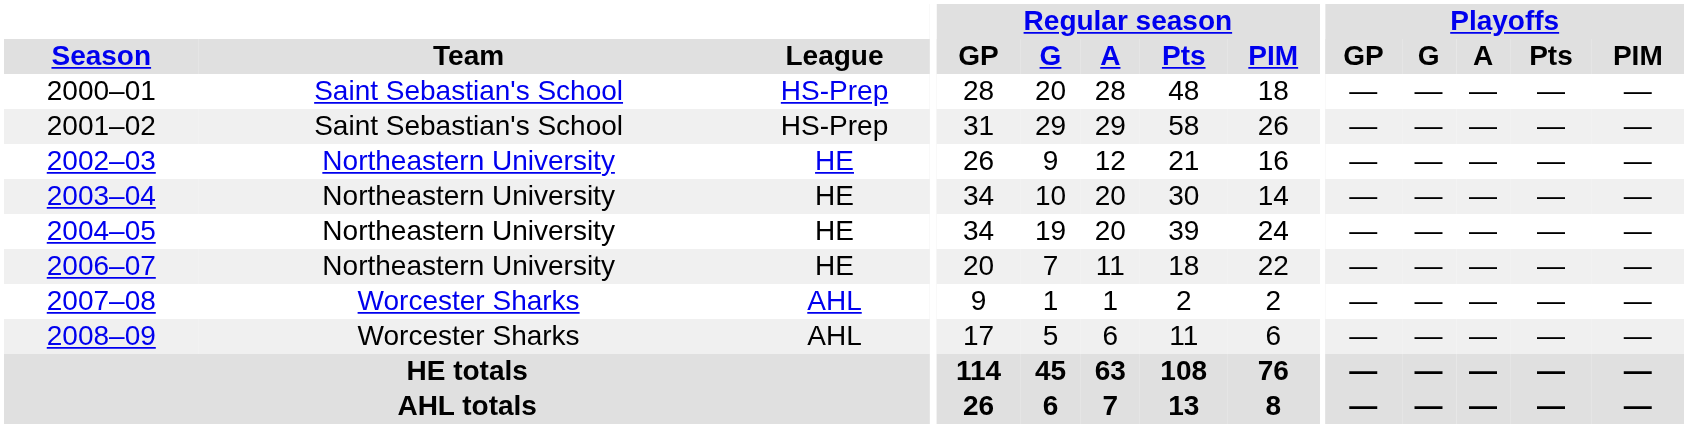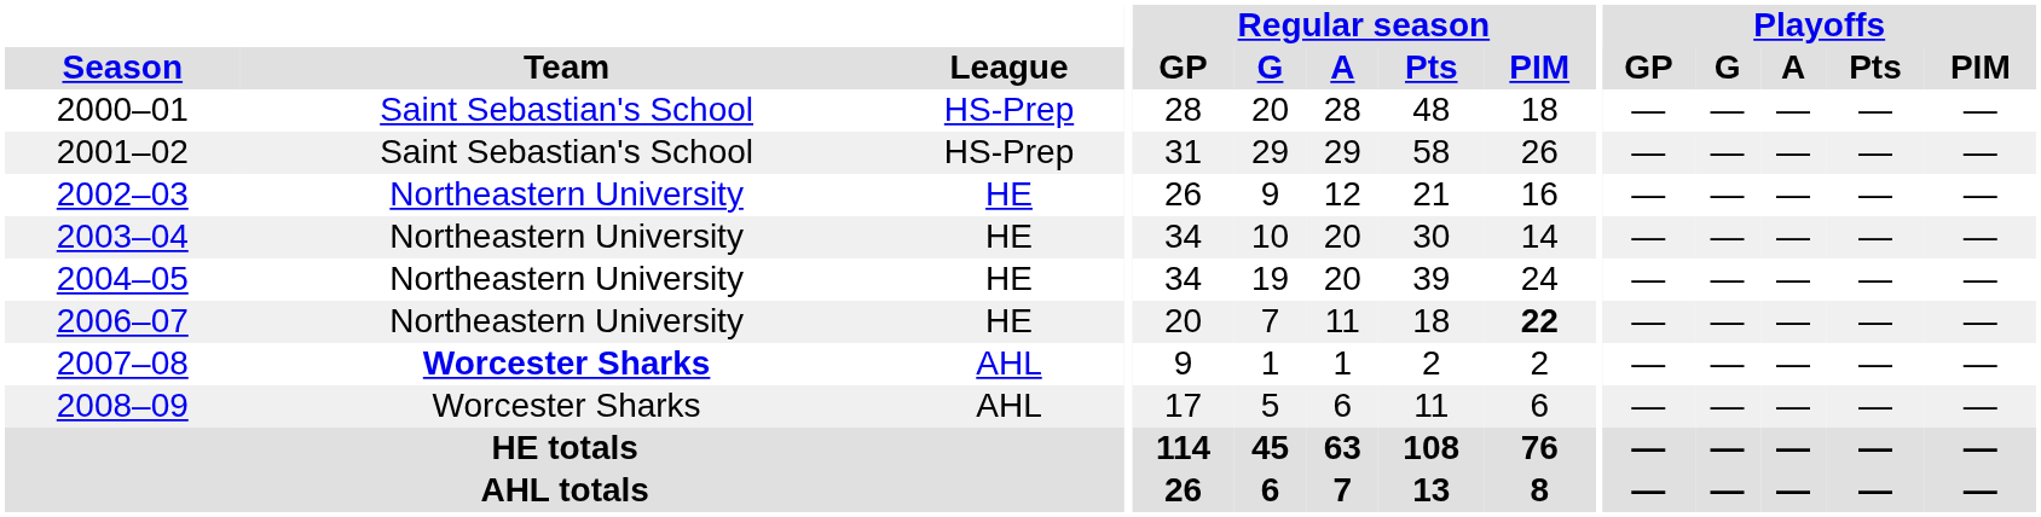 <table border="0" cellpadding="1" cellspacing="0" style="text-align:center; width:60em">
 <tr bgcolor="#e0e0e0">
 <th colspan="3" bgcolor="#ffffff"></th>
 <th rowspan="99" bgcolor="#ffffff"></th>
 <th colspan="5"><a href='#'>Regular season</a></th>
 <th rowspan="99" bgcolor="#ffffff"></th>
 <th colspan="5"><a href='#'>Playoffs</a></th>
 </tr>
 <tr bgcolor="#e0e0e0">
 <th><a href='#'>Season</a></th>
 <th>Team</th>
 <th>League</th>
 <th>GP</th>
 <th><a href='#'>G</a></th>
 <th><a href='#'>A</a></th>
 <th><a href='#'>Pts</a></th>
 <th><a href='#'>PIM</a></th>
 <th>GP</th>
 <th>G</th>
 <th>A</th>
 <th>Pts</th>
 <th>PIM</th>
 </tr>
 <tr>
 <td>2000–01</td>
 <td><a href='#'>Saint Sebastian's School</a></td>
 <td><a href='#'>HS-Prep</a></td>
 <td>28</td>
 <td>20</td>
 <td>28</td>
 <td>48</td>
 <td>18</td>
 <td>—</td>
 <td>—</td>
 <td>—</td>
 <td>—</td>
 <td>—</td>
 </tr>
 <tr bgcolor="#f0f0f0">
 <td>2001–02</td>
 <td>Saint Sebastian's School</td>
 <td>HS-Prep</td>
 <td>31</td>
 <td>29</td>
 <td>29</td>
 <td>58</td>
 <td>26</td>
 <td>—</td>
 <td>—</td>
 <td>—</td>
 <td>—</td>
 <td>—</td>
 </tr>
 <tr>
 <td><a href='#'>2002–03</a></td>
 <td><a href='#'>Northeastern University</a></td>
 <td><a href='#'>HE</a></td>
 <td>26</td>
 <td>9</td>
 <td>12</td>
 <td>21</td>
 <td>16</td>
 <td>—</td>
 <td>—</td>
 <td>—</td>
 <td>—</td>
 <td>—</td>
 </tr>
 <tr bgcolor="#f0f0f0">
 <td><a href='#'>2003–04</a></td>
 <td>Northeastern University</td>
 <td>HE</td>
 <td>34</td>
 <td>10</td>
 <td>20</td>
 <td>30</td>
 <td>14</td>
 <td>—</td>
 <td>—</td>
 <td>—</td>
 <td>—</td>
 <td>—</td>
 </tr>
 <tr>
 <td><a href='#'>2004–05</a></td>
 <td>Northeastern University</td>
 <td>HE</td>
 <td>34</td>
 <td>19</td>
 <td>20</td>
 <td>39</td>
 <td>24</td>
 <td>—</td>
 <td>—</td>
 <td>—</td>
 <td>—</td>
 <td>—</td>
 </tr>
 <tr bgcolor="#f0f0f0">
 <td><a href='#'>2006–07</a></td>
 <td>Northeastern University</td>
 <td>HE</td>
 <td>20</td>
 <td>7</td>
 <td>11</td>
 <td>18</td>
-<td>22</td>
+<td><strong>22</strong></td>
 <td>—</td>
 <td>—</td>
 <td>—</td>
 <td>—</td>
 <td>—</td>
 </tr>
 <tr>
 <td><a href='#'>2007–08</a></td>
-<td><a href='#'>Worcester Sharks</a></td>
+<td><strong><a href='#'>Worcester Sharks</a></strong></td>
 <td><a href='#'>AHL</a></td>
 <td>9</td>
 <td>1</td>
 <td>1</td>
 <td>2</td>
 <td>2</td>
 <td>—</td>
 <td>—</td>
 <td>—</td>
 <td>—</td>
 <td>—</td>
 </tr>
 <tr bgcolor="#f0f0f0">
 <td><a href='#'>2008–09</a></td>
 <td>Worcester Sharks</td>
 <td>AHL</td>
 <td>17</td>
 <td>5</td>
 <td>6</td>
 <td>11</td>
 <td>6</td>
 <td>—</td>
 <td>—</td>
 <td>—</td>
 <td>—</td>
 <td>—</td>
 </tr>
 <tr bgcolor="#e0e0e0">
 <th colspan="3">HE totals</th>
 <th>114</th>
 <th>45</th>
 <th>63</th>
 <th>108</th>
 <th>76</th>
 <th>—</th>
 <th>—</th>
 <th>—</th>
 <th>—</th>
 <th>—</th>
 </tr>
 <tr bgcolor="#e0e0e0">
 <th colspan="3">AHL totals</th>
 <th>26</th>
 <th>6</th>
 <th>7</th>
 <th>13</th>
 <th>8</th>
 <th>—</th>
 <th>—</th>
 <th>—</th>
 <th>—</th>
 <th>—</th>
 </tr>
 </table>
